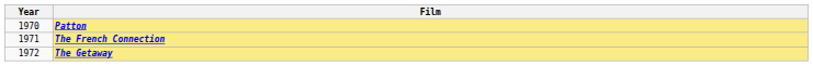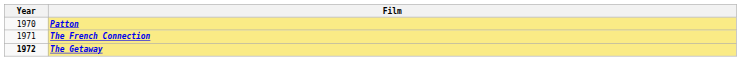 <table class="wikitable" width="95%" cellpadding="5">
 <tr>
 <th width="6%">Year</th>
 <th width="100%">Film</th>
 </tr>
 <tr>
 <td rowspan=1 style="text-align:center">1970</td>
 <td style="background:#FAEB86;"><strong><em><a href='#'>Patton</a></em></strong></td>
 </tr>
 <tr>
 <td rowspan=1 style="text-align:center">1971</td>
 <td style="background:#FAEB86;"><strong><em><a href='#'>The French Connection</a></em></strong></td>
 </tr>
 <tr>
-<td rowspan=1 style="text-align:center">1972</td>
+<td rowspan=1 style="text-align:center"><strong>1972</strong></td>
 <td style="background:#FAEB86;"><strong><em><a href='#'>The Getaway</a></em></strong></td>
 </tr>
 </table>
